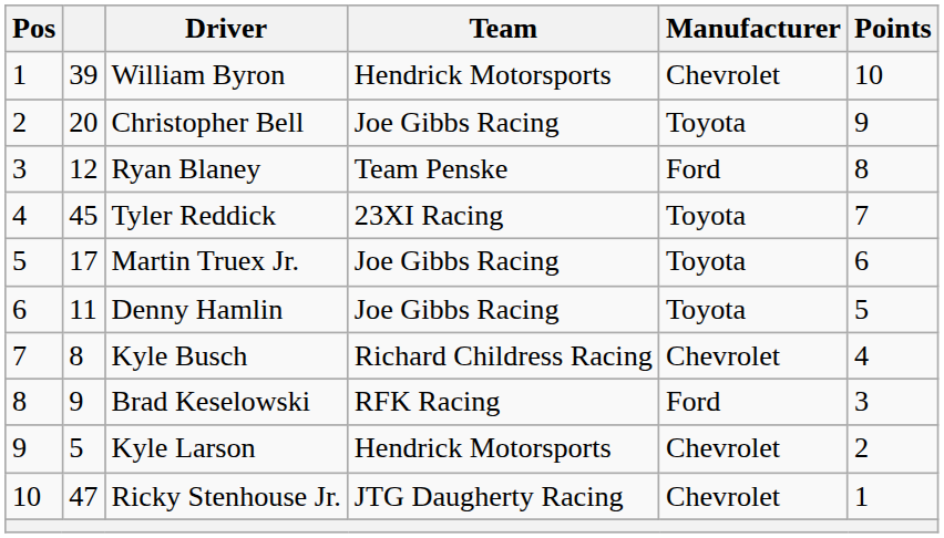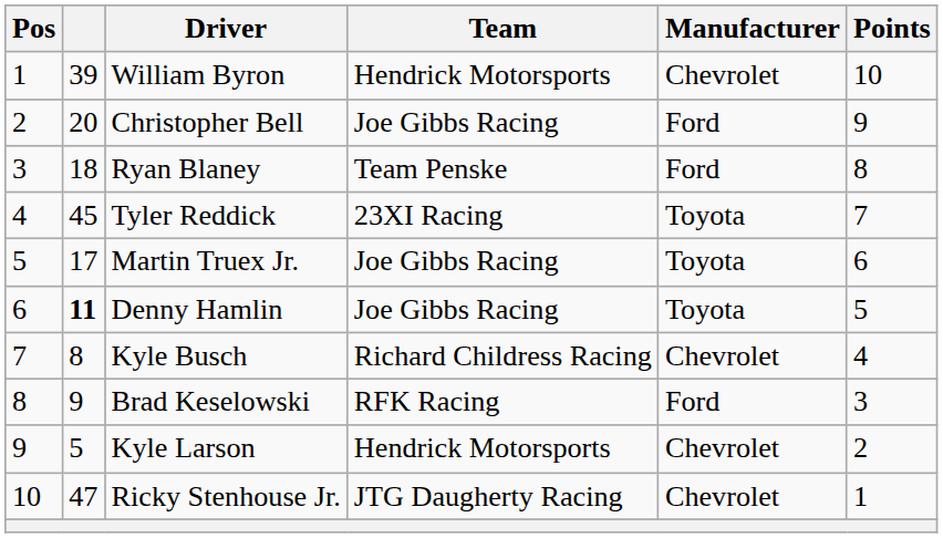 <table class="wikitable" style="font-size:98%">
 <tr>
 <th>Pos</th>
 <th></th>
 <th>Driver</th>
 <th>Team</th>
 <th>Manufacturer</th>
 <th>Points</th>
 </tr>
 <tr>
 <td>1</td>
 <td>39</td>
 <td>William Byron</td>
 <td>Hendrick Motorsports</td>
 <td>Chevrolet</td>
 <td>10</td>
 </tr>
 <tr>
 <td>2</td>
 <td>20</td>
 <td>Christopher Bell</td>
 <td>Joe Gibbs Racing</td>
-<td>Toyota</td>
+<td>Ford</td>
 <td>9</td>
 </tr>
 <tr>
 <td>3</td>
-<td>12</td>
+<td>18</td>
 <td>Ryan Blaney</td>
 <td>Team Penske</td>
 <td>Ford</td>
 <td>8</td>
 </tr>
 <tr>
 <td>4</td>
 <td>45</td>
 <td>Tyler Reddick</td>
 <td>23XI Racing</td>
 <td>Toyota</td>
 <td>7</td>
 </tr>
 <tr>
 <td>5</td>
 <td>17</td>
 <td>Martin Truex Jr.</td>
 <td>Joe Gibbs Racing</td>
 <td>Toyota</td>
 <td>6</td>
 </tr>
 <tr>
 <td>6</td>
-<td>11</td>
+<td><strong>11</strong></td>
 <td>Denny Hamlin</td>
 <td>Joe Gibbs Racing</td>
 <td>Toyota</td>
 <td>5</td>
 </tr>
 <tr>
 <td>7</td>
 <td>8</td>
 <td>Kyle Busch</td>
 <td>Richard Childress Racing</td>
 <td>Chevrolet</td>
 <td>4</td>
 </tr>
 <tr>
 <td>8</td>
 <td>9</td>
 <td>Brad Keselowski</td>
 <td>RFK Racing</td>
 <td>Ford</td>
 <td>3</td>
 </tr>
 <tr>
 <td>9</td>
 <td>5</td>
 <td>Kyle Larson</td>
 <td>Hendrick Motorsports</td>
 <td>Chevrolet</td>
 <td>2</td>
 </tr>
 <tr>
 <td>10</td>
 <td>47</td>
 <td>Ricky Stenhouse Jr.</td>
 <td>JTG Daugherty Racing</td>
 <td>Chevrolet</td>
 <td>1</td>
 </tr>
 <tr>
 <th colspan="6"></th>
 </tr>
 </table>
